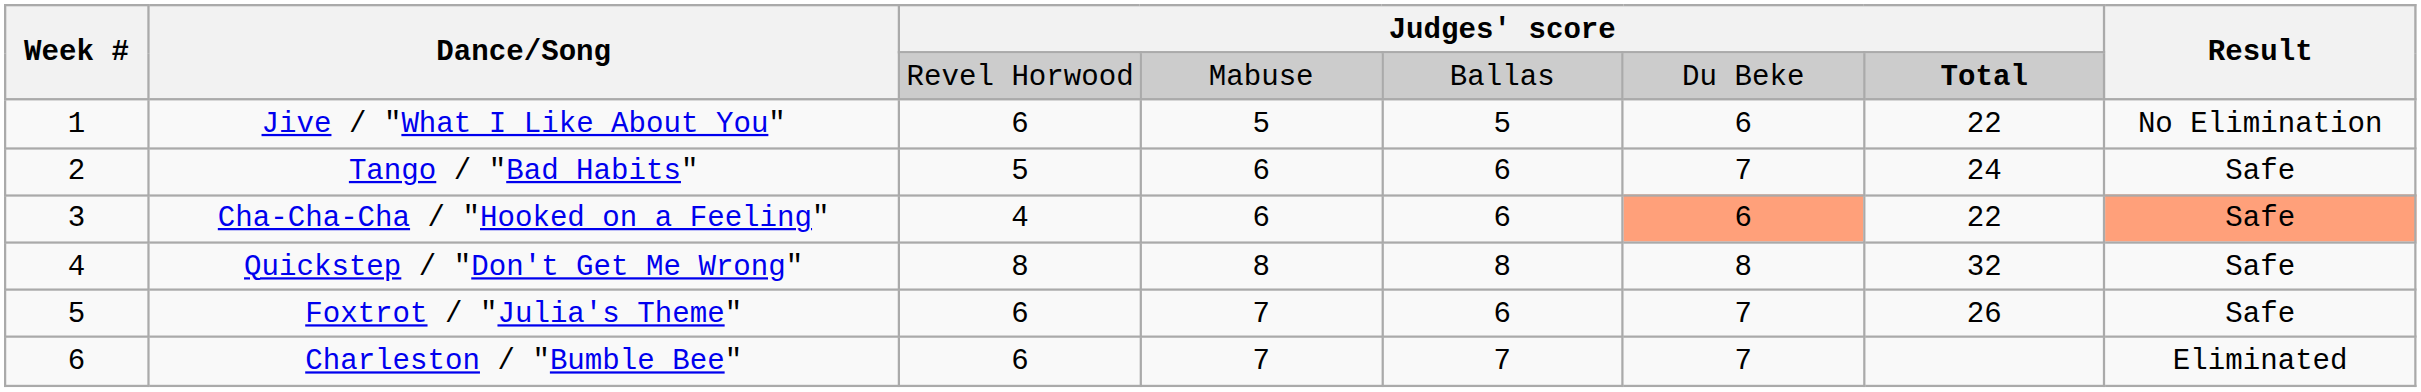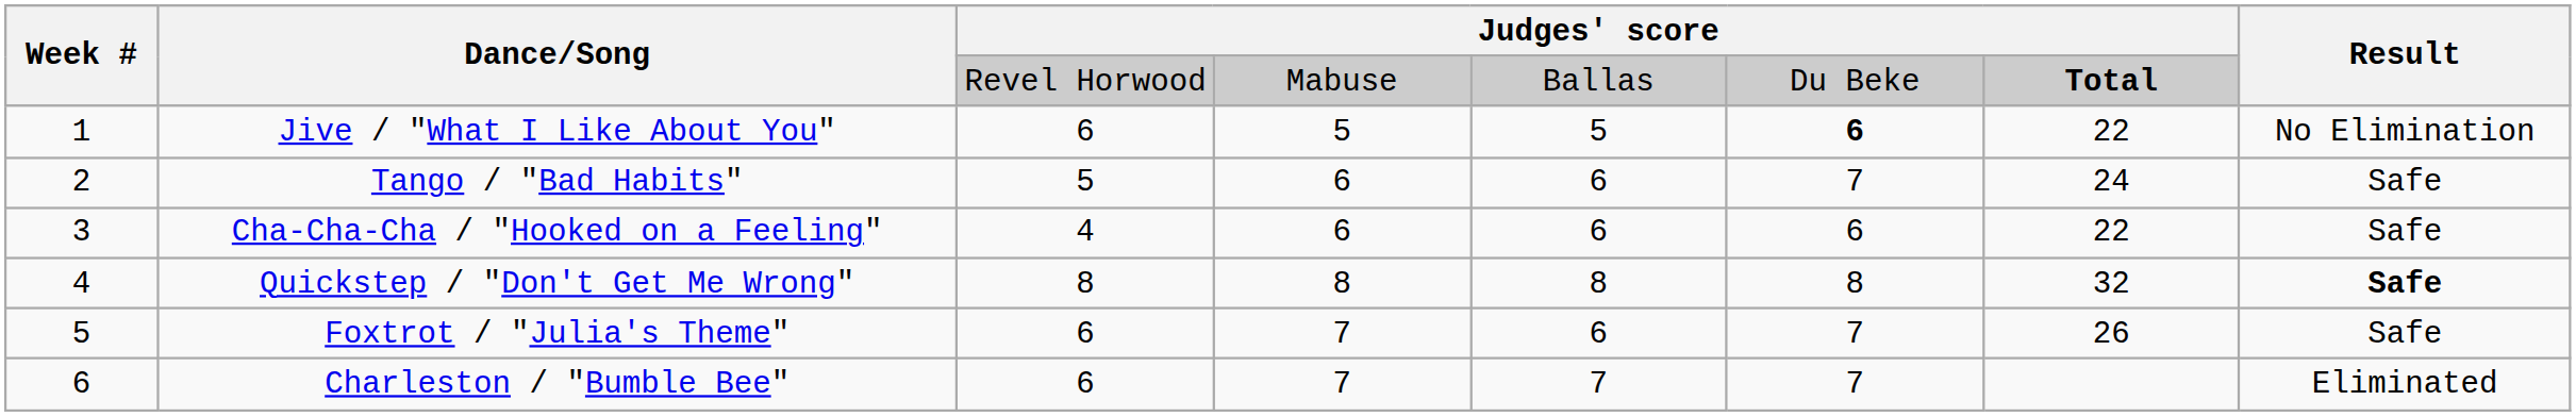 <table class="wikitable collapsible collapsed">
 <tr style="text-align:center; background:#ccc;">
 <th rowspan="2">Week #</th>
 <th rowspan="2">Dance/Song</th>
 <th colspan="5">Judges' score</th>
 <th rowspan="2">Result</th>
 </tr>
 <tr style="text-align:center; background:#ccc;">
 <td style="width:10%; ">Revel Horwood</td>
 <td style="width:10%; ">Mabuse</td>
 <td style="width:10%; ">Ballas</td>
 <td style="width:10%; ">Du Beke</td>
 <td style="width:10%; "><strong>Total</strong></td>
 </tr>
 <tr style="text-align:center;">
 <td>1</td>
 <td><a href='#'>Jive</a> / "<a href='#'>What I Like About You</a>"</td>
 <td>6</td>
 <td>5</td>
 <td>5</td>
-<td>6</td>
+<td><strong>6</strong></td>
 <td>22</td>
 <td>No Elimination</td>
 </tr>
 <tr style="text-align:center;">
 <td>2</td>
 <td><a href='#'>Tango</a> / "<a href='#'>Bad Habits</a>"</td>
 <td>5</td>
 <td>6</td>
 <td>6</td>
 <td>7</td>
 <td>24</td>
 <td>Safe</td>
 </tr>
 <tr style="text-align:center;">
 <td>3</td>
 <td><a href='#'>Cha-Cha-Cha</a> / "<a href='#'>Hooked on a Feeling</a>"</td>
 <td>4</td>
 <td>6</td>
 <td>6</td>
-<td style="background: lightsalmon;">6</td>
+<td>6</td>
 <td>22</td>
-<td style="background: lightsalmon;">Safe</td>
+<td>Safe</td>
 </tr>
 <tr style="text-align:center;">
 <td>4</td>
 <td><a href='#'>Quickstep</a> / "<a href='#'>Don't Get Me Wrong</a>"</td>
 <td>8</td>
 <td>8</td>
 <td>8</td>
 <td>8</td>
 <td>32</td>
-<td>Safe</td>
+<td><strong>Safe</strong></td>
 </tr>
 <tr style="text-align:center;">
 <td>5</td>
 <td><a href='#'>Foxtrot</a> / "<a href='#'>Julia's Theme</a>"</td>
 <td>6</td>
 <td>7</td>
 <td>6</td>
 <td>7</td>
 <td>26</td>
 <td>Safe</td>
 </tr>
 <tr style="text-align:center;">
 <td>6</td>
 <td><a href='#'>Charleston</a> / "<a href='#'>Bumble Bee</a>"</td>
 <td>6</td>
 <td>7</td>
 <td>7</td>
 <td>7</td>
 <td></td>
 <td>Eliminated</td>
 </tr>
 </table>
